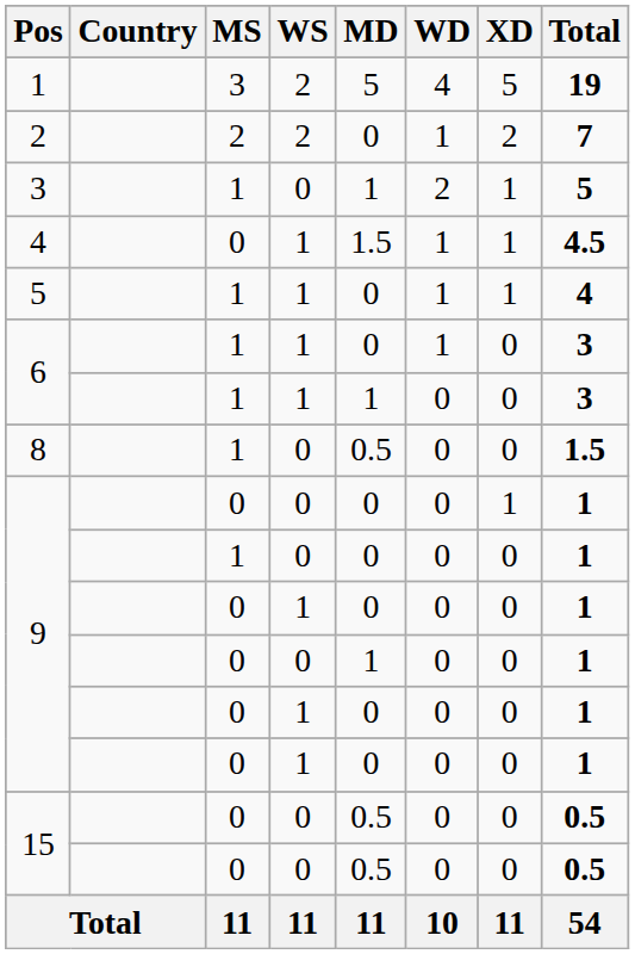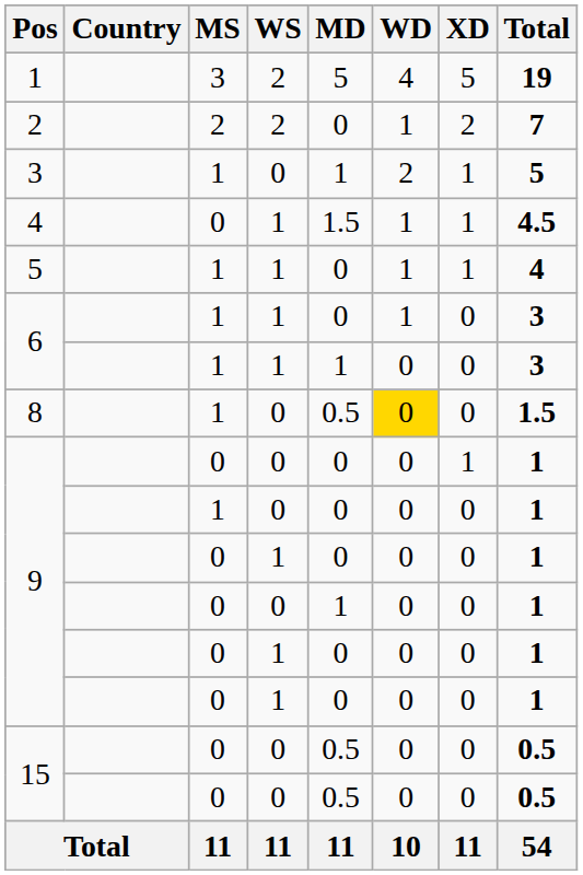 <table class="wikitable" style="text-align:center">
 <tr>
 <th>Pos</th>
 <th>Country</th>
 <th>MS</th>
 <th>WS</th>
 <th>MD</th>
 <th>WD</th>
 <th>XD</th>
 <th>Total</th>
 </tr>
 <tr>
 <td>1</td>
 <td align="left"></td>
 <td>3</td>
 <td>2</td>
 <td>5</td>
 <td>4</td>
 <td>5</td>
 <td><strong>19</strong></td>
 </tr>
 <tr>
 <td>2</td>
 <td align="left"></td>
 <td>2</td>
 <td>2</td>
 <td>0</td>
 <td>1</td>
 <td>2</td>
 <td><strong>7</strong></td>
 </tr>
 <tr>
 <td>3</td>
 <td align="left"></td>
 <td>1</td>
 <td>0</td>
 <td>1</td>
 <td>2</td>
 <td>1</td>
 <td><strong>5</strong></td>
 </tr>
 <tr>
 <td>4</td>
 <td align="left"><strong></strong></td>
 <td>0</td>
 <td>1</td>
 <td>1.5</td>
 <td>1</td>
 <td>1</td>
 <td><strong>4.5</strong></td>
 </tr>
 <tr>
 <td>5</td>
 <td align="left"></td>
 <td>1</td>
 <td>1</td>
 <td>0</td>
 <td>1</td>
 <td>1</td>
 <td><strong>4</strong></td>
 </tr>
 <tr>
 <td rowspan="2">6</td>
 <td align="left"></td>
 <td>1</td>
 <td>1</td>
 <td>0</td>
 <td>1</td>
 <td>0</td>
 <td><strong>3</strong></td>
 </tr>
 <tr>
 <td align="left"></td>
 <td>1</td>
 <td>1</td>
 <td>1</td>
 <td>0</td>
 <td>0</td>
 <td><strong>3</strong></td>
 </tr>
 <tr>
 <td>8</td>
 <td align="left"></td>
 <td>1</td>
 <td>0</td>
 <td>0.5</td>
-<td>0</td>
+<td style="background: gold;">0</td>
 <td>0</td>
 <td><strong>1.5</strong></td>
 </tr>
 <tr>
 <td rowspan="6">9</td>
 <td align="left"></td>
 <td>0</td>
 <td>0</td>
 <td>0</td>
 <td>0</td>
 <td>1</td>
 <td><strong>1</strong></td>
 </tr>
 <tr>
 <td align="left"></td>
 <td>1</td>
 <td>0</td>
 <td>0</td>
 <td>0</td>
 <td>0</td>
 <td><strong>1</strong></td>
 </tr>
 <tr>
 <td align="left"></td>
 <td>0</td>
 <td>1</td>
 <td>0</td>
 <td>0</td>
 <td>0</td>
 <td><strong>1</strong></td>
 </tr>
 <tr>
 <td align="left"></td>
 <td>0</td>
 <td>0</td>
 <td>1</td>
 <td>0</td>
 <td>0</td>
 <td><strong>1</strong></td>
 </tr>
 <tr>
 <td align="left"></td>
 <td>0</td>
 <td>1</td>
 <td>0</td>
 <td>0</td>
 <td>0</td>
 <td><strong>1</strong></td>
 </tr>
 <tr>
 <td align="left"></td>
 <td>0</td>
 <td>1</td>
 <td>0</td>
 <td>0</td>
 <td>0</td>
 <td><strong>1</strong></td>
 </tr>
 <tr>
 <td rowspan="2">15</td>
 <td align="left"></td>
 <td>0</td>
 <td>0</td>
 <td>0.5</td>
 <td>0</td>
 <td>0</td>
 <td><strong>0.5</strong></td>
 </tr>
 <tr>
 <td align="left"></td>
 <td>0</td>
 <td>0</td>
 <td>0.5</td>
 <td>0</td>
 <td>0</td>
 <td><strong>0.5</strong></td>
 </tr>
 <tr>
 <th colspan="2">Total</th>
 <th>11</th>
 <th>11</th>
 <th>11</th>
 <th>10</th>
 <th>11</th>
 <th>54</th>
 </tr>
 </table>
